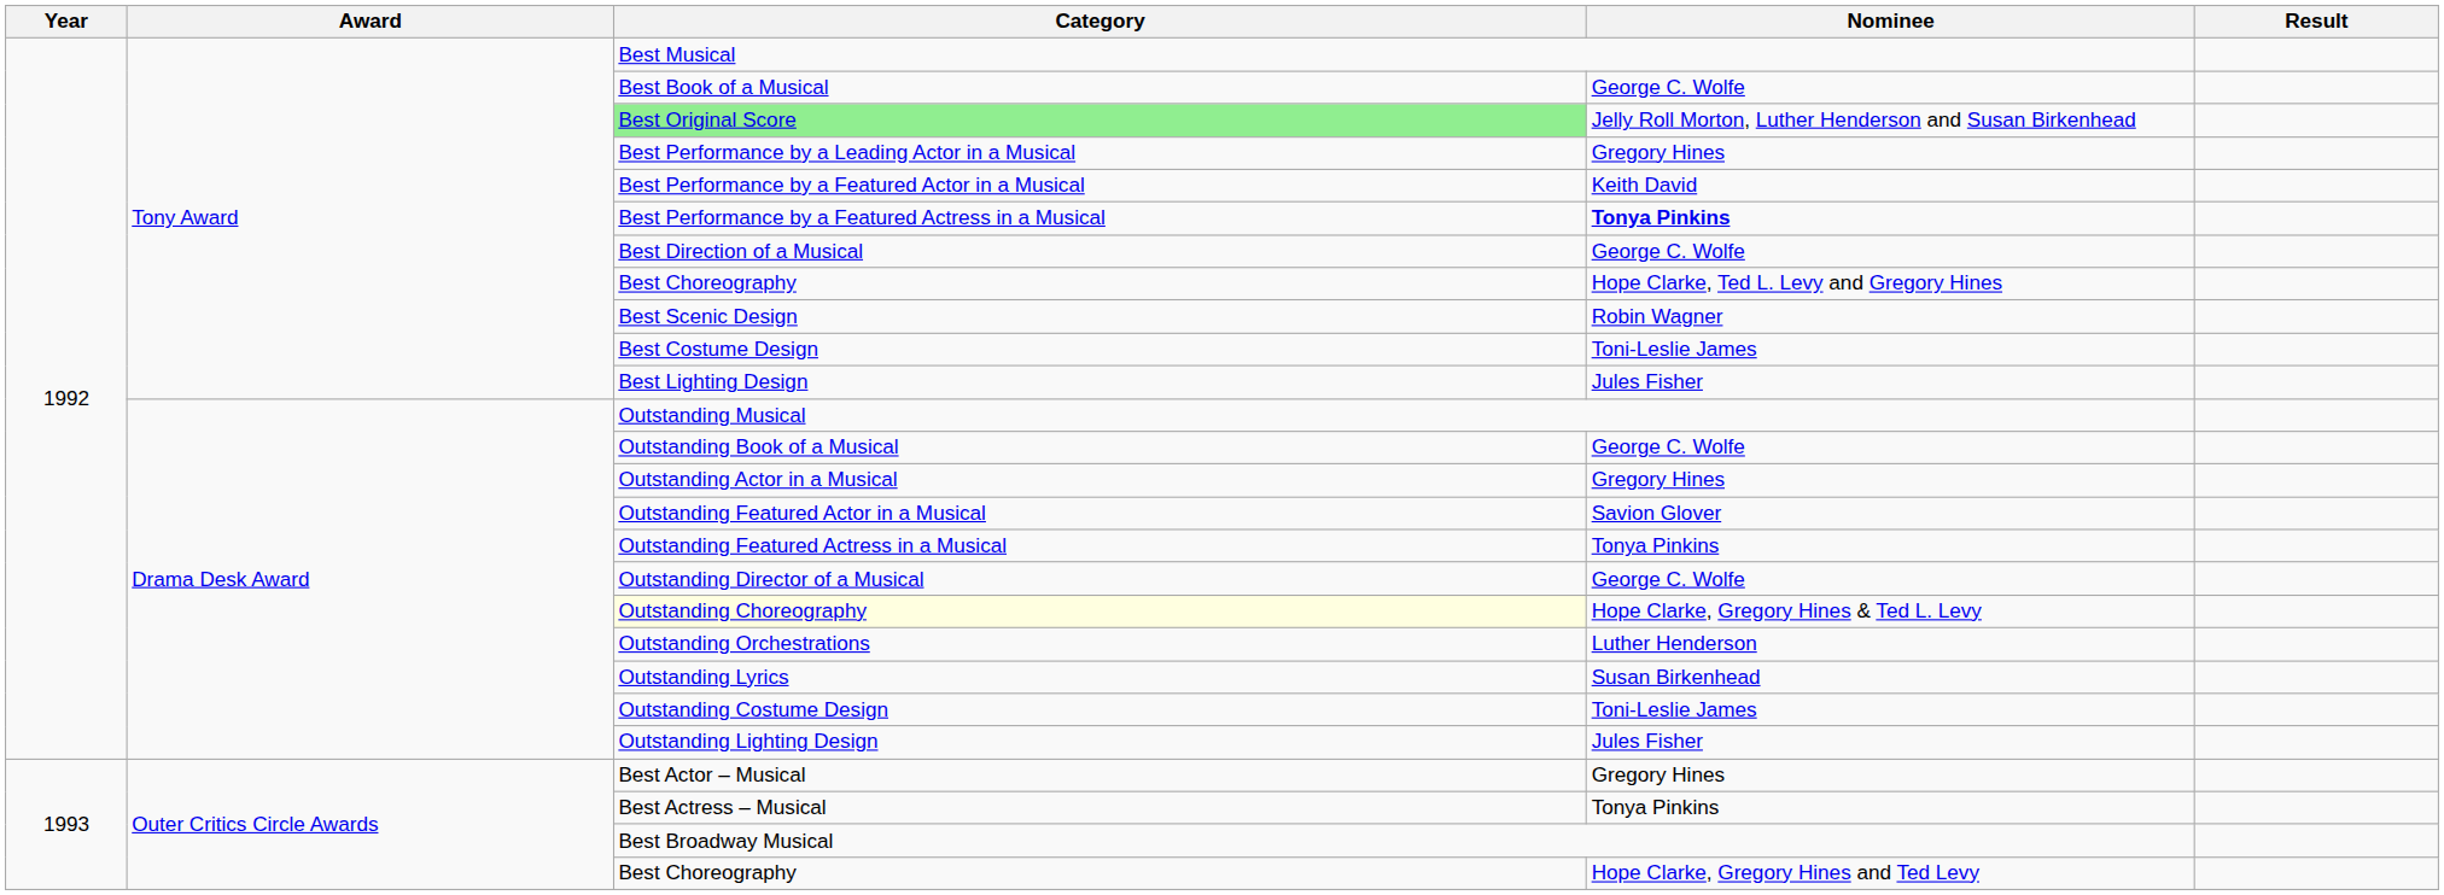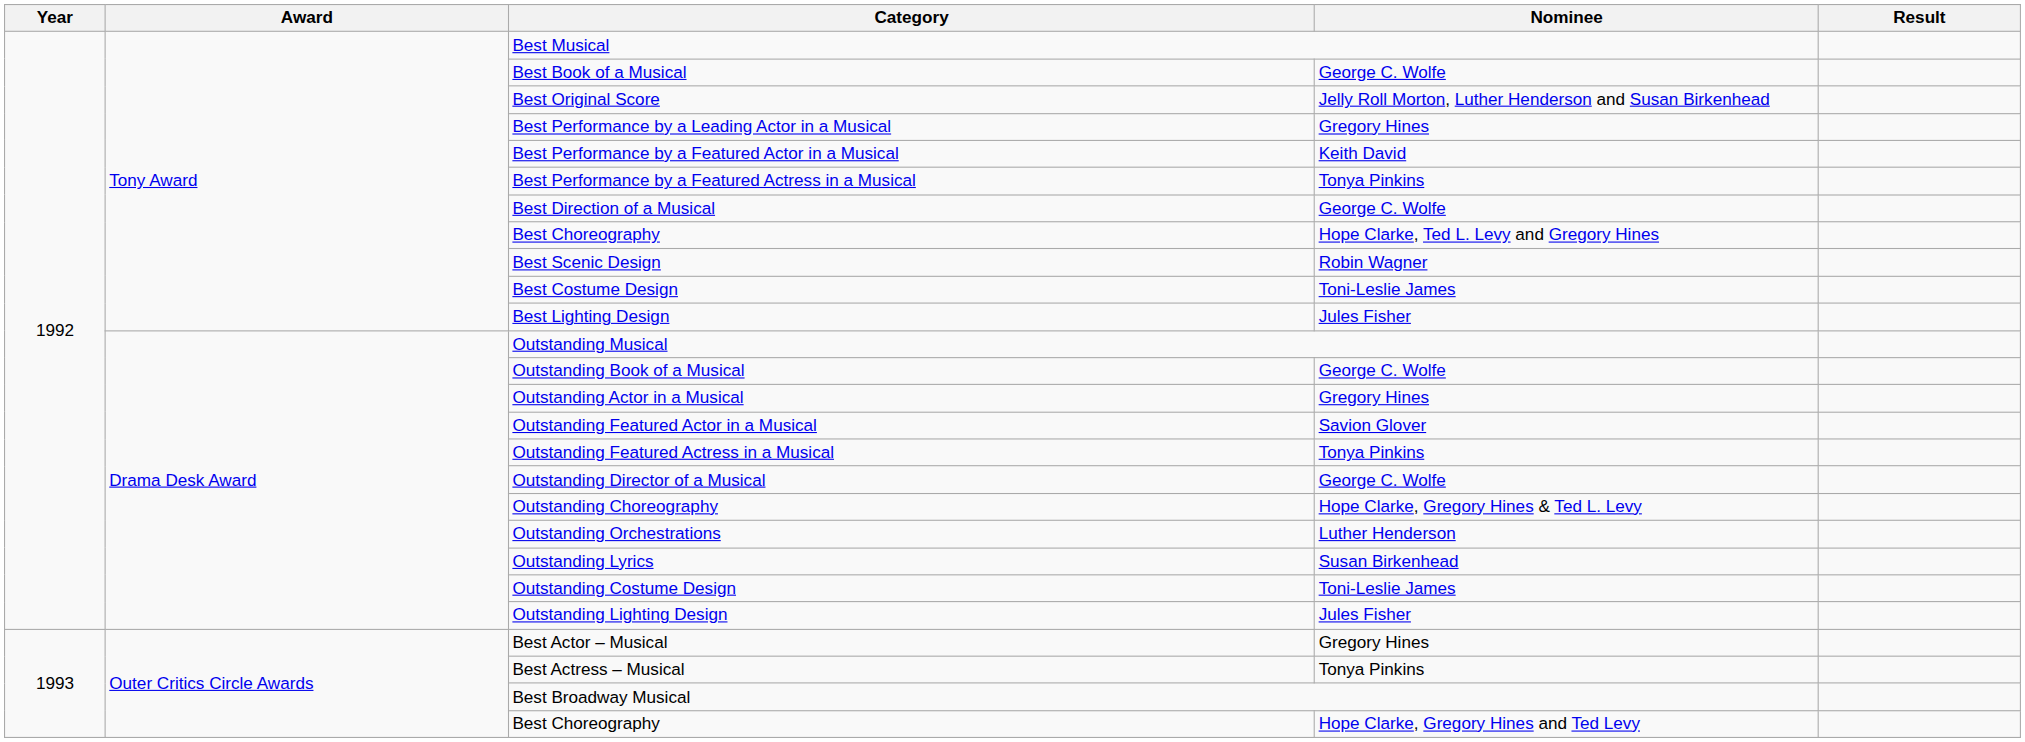 <table class="wikitable" width="95%">
 <tr>
 <th width="5%">Year</th>
 <th width="20%">Award</th>
 <th width="40%">Category</th>
 <th width="25%">Nominee</th>
 <th width="10%">Result</th>
 </tr>
 <tr>
 <td rowspan="22" align="center">1992</td>
 <td rowspan="11"><a href='#'>Tony Award</a></td>
 <td colspan="2"><a href='#'>Best Musical</a></td>
 <td></td>
 </tr>
 <tr>
 <td><a href='#'>Best Book of a Musical</a></td>
 <td><a href='#'>George C. Wolfe</a></td>
 <td></td>
 </tr>
 <tr>
-<td style="background: lightgreen;"><a href='#'>Best Original Score</a></td>
+<td><a href='#'>Best Original Score</a></td>
 <td><a href='#'>Jelly Roll Morton</a>, <a href='#'>Luther Henderson</a> and <a href='#'>Susan Birkenhead</a></td>
 <td></td>
 </tr>
 <tr>
 <td><a href='#'>Best Performance by a Leading Actor in a Musical</a></td>
 <td><a href='#'>Gregory Hines</a></td>
 <td></td>
 </tr>
 <tr>
 <td><a href='#'>Best Performance by a Featured Actor in a Musical</a></td>
 <td><a href='#'>Keith David</a></td>
 <td></td>
 </tr>
 <tr>
 <td><a href='#'>Best Performance by a Featured Actress in a Musical</a></td>
-<td><strong><a href='#'>Tonya Pinkins</a></strong></td>
+<td><a href='#'>Tonya Pinkins</a></td>
 <td></td>
 </tr>
 <tr>
 <td><a href='#'>Best Direction of a Musical</a></td>
 <td><a href='#'>George C. Wolfe</a></td>
 <td></td>
 </tr>
 <tr>
 <td><a href='#'>Best Choreography</a></td>
 <td><a href='#'>Hope Clarke</a>, <a href='#'>Ted L. Levy</a> and <a href='#'>Gregory Hines</a></td>
 <td></td>
 </tr>
 <tr>
 <td><a href='#'>Best Scenic Design</a></td>
 <td><a href='#'>Robin Wagner</a></td>
 <td></td>
 </tr>
 <tr>
 <td><a href='#'>Best Costume Design</a></td>
 <td><a href='#'>Toni-Leslie James</a></td>
 <td></td>
 </tr>
 <tr>
 <td><a href='#'>Best Lighting Design</a></td>
 <td><a href='#'>Jules Fisher</a></td>
 <td></td>
 </tr>
 <tr>
 <td rowspan="11"><a href='#'>Drama Desk Award</a></td>
 <td colspan="2"><a href='#'>Outstanding Musical</a></td>
 <td></td>
 </tr>
 <tr>
 <td><a href='#'>Outstanding Book of a Musical</a></td>
 <td><a href='#'>George C. Wolfe</a></td>
 <td></td>
 </tr>
 <tr>
 <td><a href='#'>Outstanding Actor in a Musical</a></td>
 <td><a href='#'>Gregory Hines</a></td>
 <td></td>
 </tr>
 <tr>
 <td><a href='#'>Outstanding Featured Actor in a Musical</a></td>
 <td><a href='#'>Savion Glover</a></td>
 <td></td>
 </tr>
 <tr>
 <td><a href='#'>Outstanding Featured Actress in a Musical</a></td>
 <td><a href='#'>Tonya Pinkins</a></td>
 <td></td>
 </tr>
 <tr>
 <td><a href='#'>Outstanding Director of a Musical</a></td>
 <td><a href='#'>George C. Wolfe</a></td>
 <td></td>
 </tr>
 <tr>
-<td style="background: lightyellow;"><a href='#'>Outstanding Choreography</a></td>
+<td><a href='#'>Outstanding Choreography</a></td>
 <td><a href='#'>Hope Clarke</a>, <a href='#'>Gregory Hines</a> & <a href='#'>Ted L. Levy</a></td>
 <td></td>
 </tr>
 <tr>
 <td><a href='#'>Outstanding Orchestrations</a></td>
 <td><a href='#'>Luther Henderson</a></td>
 <td></td>
 </tr>
 <tr>
 <td><a href='#'>Outstanding Lyrics</a></td>
 <td><a href='#'>Susan Birkenhead</a></td>
 <td></td>
 </tr>
 <tr>
 <td><a href='#'>Outstanding Costume Design</a></td>
 <td><a href='#'>Toni-Leslie James</a></td>
 <td></td>
 </tr>
 <tr>
 <td><a href='#'>Outstanding Lighting Design</a></td>
 <td><a href='#'>Jules Fisher</a></td>
 <td></td>
 </tr>
 <tr ->
 <td rowspan="4" align="center">1993</td>
 <td rowspan="4"><a href='#'>Outer Critics Circle Awards</a></td>
 <td>Best Actor – Musical</td>
 <td>Gregory Hines</td>
 <td></td>
 </tr>
 <tr>
 <td>Best Actress – Musical</td>
 <td>Tonya Pinkins</td>
 <td></td>
 </tr>
 <tr ->
 <td colspan="2">Best Broadway Musical</td>
 <td></td>
 </tr>
 <tr ->
 <td>Best Choreography</td>
 <td><a href='#'>Hope Clarke</a>, <a href='#'>Gregory Hines</a> and <a href='#'>Ted Levy</a></td>
 <td></td>
 </tr>
 <tr>
 </tr>
 </table>
